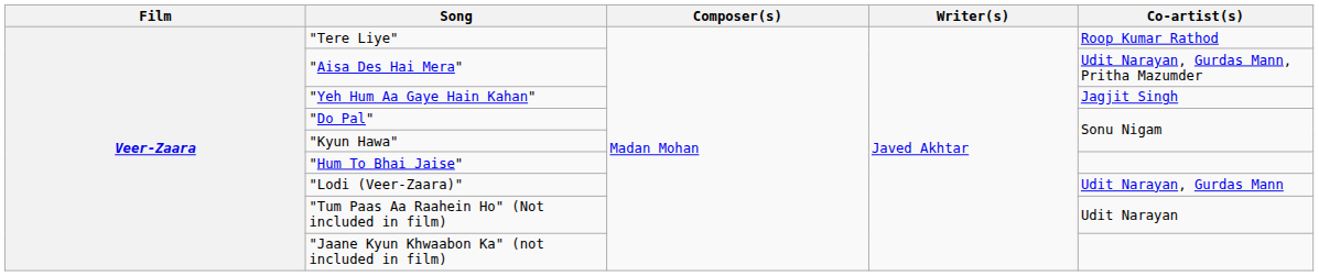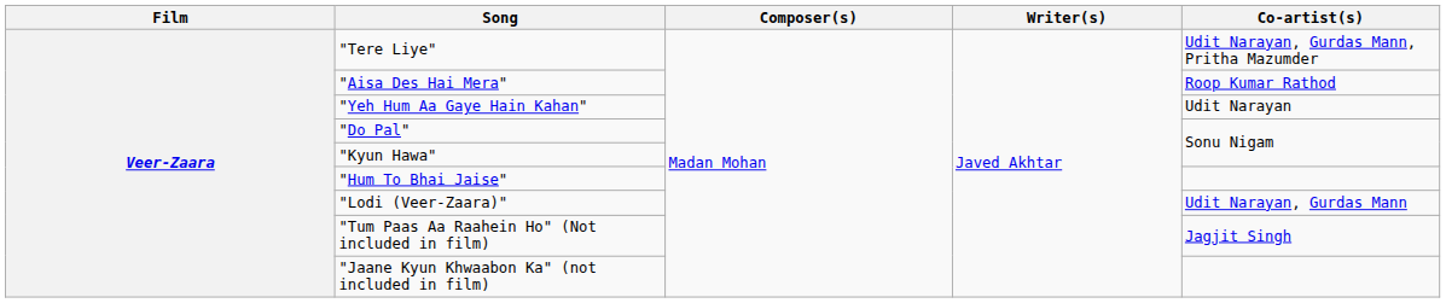 <table class="wikitable plainrowheaders" style="width:100%; textcolor:#000">
 <tr style="background:#b0e0e66;">
 <th scope="col" style="width:23%;"><strong>Film</strong></th>
 <th scope="col" style="width:23%;"><strong>Song</strong></th>
 <th scope="col" style="width:20%;"><strong>Composer(s)</strong></th>
 <th scope="col" style="width:16%;"><strong>Writer(s)</strong></th>
 <th scope="col" style="width:18%;"><strong>Co-artist(s)</strong></th>
 </tr>
 <tr>
 <th rowspan=9><em><a href='#'>Veer-Zaara</a></em></th>
 <td>"Tere Liye"</td>
 <td rowspan=9><a href='#'>Madan Mohan</a></td>
 <td rowspan=9><a href='#'>Javed Akhtar</a></td>
+<td><a href='#'>Udit Narayan</a>, <a href='#'>Gurdas Mann</a>, Pritha Mazumder</td>
+</tr>
+<tr>
+<td>"<a href='#'>Aisa Des Hai Mera</a>"</td>
 <td><a href='#'>Roop Kumar Rathod</a></td>
 </tr>
 <tr>
-<td>"<a href='#'>Aisa Des Hai Mera</a>"</td>
-<td><a href='#'>Udit Narayan</a>, <a href='#'>Gurdas Mann</a>, Pritha Mazumder</td>
-</tr>
-<tr>
 <td>"<a href='#'>Yeh Hum Aa Gaye Hain Kahan</a>"</td>
-<td><a href='#'>Jagjit Singh</a></td>
+<td>Udit Narayan</td>
 </tr>
 <tr>
 <td>"<a href='#'>Do Pal</a>"</td>
 <td rowspan=2>Sonu Nigam</td>
 </tr>
 <tr>
 <td>"Kyun Hawa"</td>
 </tr>
 <tr>
 <td>"<a href='#'>Hum To Bhai Jaise</a>"</td>
 <td></td>
 </tr>
 <tr>
 <td>"Lodi (Veer-Zaara)"</td>
 <td><a href='#'>Udit Narayan</a>, <a href='#'>Gurdas Mann</a></td>
 </tr>
 <tr>
 <td>"Tum Paas Aa Raahein Ho" (Not included in film)</td>
-<td>Udit Narayan</td>
+<td><a href='#'>Jagjit Singh</a></td>
 </tr>
 <tr>
 <td>"Jaane Kyun Khwaabon Ka" (not included in film)</td>
 <td></td>
 </tr>
 </table>
